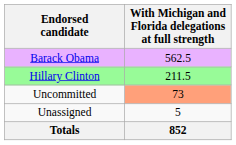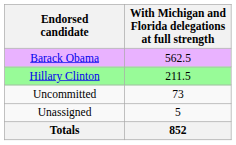 <table class="wikitable" style="text-align:center">
 <tr>
 <th width="160 px">Endorsed<br>candidate</th>
 <th width="140 px">With Michigan and Florida delegations at full strength</th>
 </tr>
 <tr bgcolor=#E9B2FF>
 <td><a href='#'>Barack Obama</a></td>
 <td>562.5</td>
 </tr>
 <tr bgcolor=#98FB98>
 <td><a href='#'>Hillary Clinton</a></td>
 <td>211.5</td>
 </tr>
 <tr>
 <td>Uncommitted</td>
-<td style="background: lightsalmon;">73</td>
+<td>73</td>
 </tr>
 <tr>
 <td>Unassigned</td>
 <td>5</td>
 </tr>
 <tr>
 <th>Totals</th>
 <th>852</th>
 </tr>
 </table>
